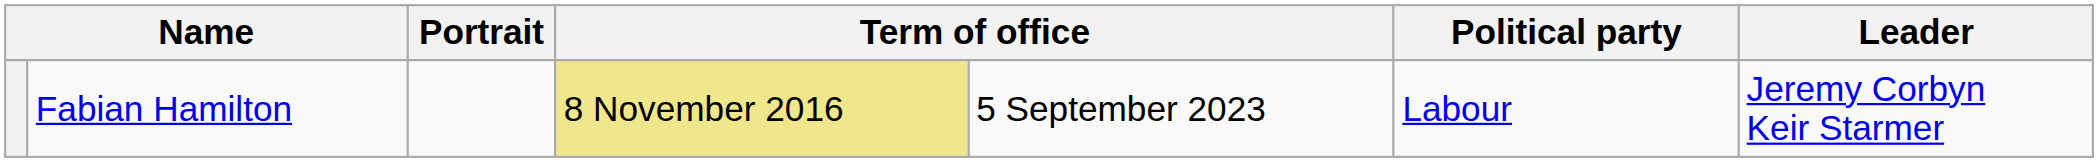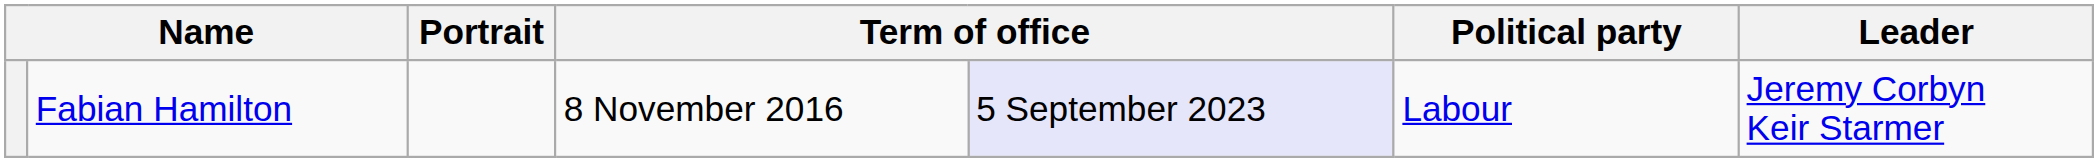 <table class="wikitable" style="width:60%;">
 <tr>
 <th colspan=2>Name</th>
 <th width=60>Portrait</th>
 <th colspan=2>Term of office</th>
 <th>Political party</th>
 <th>Leader</th>
 </tr>
 <tr>
 <th style="background-color: "></th>
 <td><a href='#'>Fabian Hamilton</a></td>
 <td></td>
-<td style="background: khaki;">8 November 2016</td>
-<td>5 September 2023</td>
+<td>8 November 2016</td>
+<td style="background: lavender;">5 September 2023</td>
 <td><a href='#'>Labour</a></td>
 <td rowspan="2" ><a href='#'>Jeremy Corbyn</a><br><a href='#'>Keir Starmer</a></td>
 </tr>
 </table>
